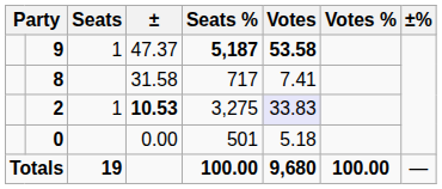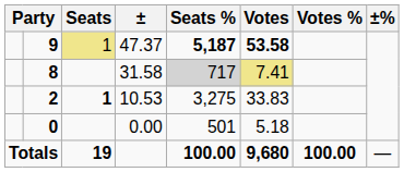 <table class=wikitable>
 <tr>
 <th colspan=2 align=center>Party</th>
 <th valign=top>Seats</th>
 <th valign=top>±</th>
 <th valign=top>Seats %</th>
 <th valign=top>Votes</th>
 <th valign=top>Votes %</th>
 <th valign=top>±%</th>
 </tr>
 <tr>
 <td></td>
 <td align=right><strong>9</strong></td>
-<td align=right>1</td>
+<td align=right style="background: khaki;">1</td>
 <td align=right>47.37</td>
 <td align=right><strong>5,187</strong></td>
 <td align=right><strong>53.58</strong></td>
 <td align=right></td>
 </tr>
 <tr>
 <td></td>
 <td align=right><strong>8</strong></td>
 <td align=right></td>
 <td align=right>31.58</td>
-<td align=right>717</td>
-<td align=right>7.41</td>
+<td align=right style="background: lightgrey;">717</td>
+<td align=right style="background: khaki;">7.41</td>
 <td align=right></td>
 </tr>
 <tr>
 <td></td>
 <td align=right><strong>2</strong></td>
-<td align=right>1</td>
-<td align=right><strong>10.53</strong></td>
+<td align=right><strong>1</strong></td>
+<td align=right>10.53</td>
 <td align=right>3,275</td>
-<td align=right style="background: lavender;">33.83</td>
+<td align=right>33.83</td>
 <td align=right></td>
 </tr>
 <tr>
 <td></td>
 <td align=right><strong>0</strong></td>
 <td align=right></td>
 <td align=right>0.00</td>
 <td align=right>501</td>
 <td align=right>5.18</td>
 <td align=right></td>
 </tr>
 <tr>
 <td colspan=2 align=center><strong>Totals</strong></td>
 <td align=right><strong>19</strong></td>
 <td align=center><strong></strong></td>
 <td align=right><strong>100.00</strong></td>
 <td align=right><strong>9,680</strong></td>
 <td align=center><strong>100.00</strong></td>
 <td align=center>—</td>
 </tr>
 </table>
